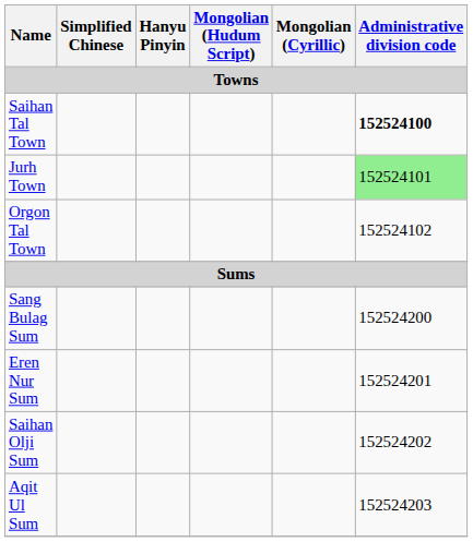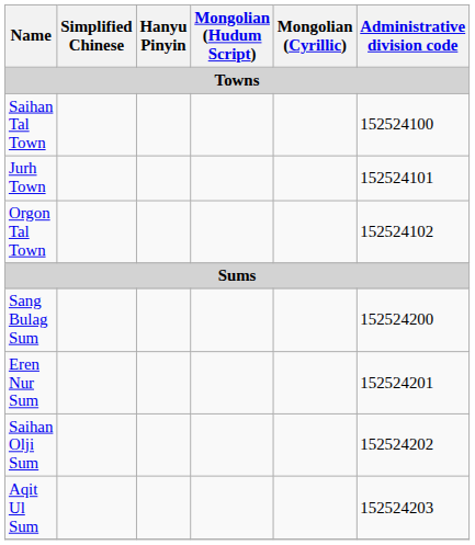 <table class="wikitable" align="center" style="width:50%; border="1">
 <tr>
 <th>Name</th>
 <th>Simplified Chinese</th>
 <th>Hanyu Pinyin</th>
 <th><a href='#'>Mongolian</a> (<a href='#'>Hudum Script</a>)</th>
 <th>Mongolian (<a href='#'>Cyrillic</a>)</th>
 <th><a href='#'>Administrative division code</a></th>
 </tr>
 <tr>
 <td colspan="6"  style="text-align:center; background:#d3d3d3;"><strong>Towns</strong></td>
 </tr>
 <tr --------->
 <td><a href='#'>Saihan Tal Town</a></td>
 <td></td>
 <td></td>
 <td></td>
 <td></td>
-<td><strong>152524100</strong></td>
+<td>152524100</td>
 </tr>
 <tr>
 <td><a href='#'>Jurh Town</a></td>
 <td></td>
 <td></td>
 <td></td>
 <td></td>
-<td style="background: lightgreen;">152524101</td>
+<td>152524101</td>
 </tr>
 <tr>
 <td><a href='#'>Orgon Tal Town</a></td>
 <td></td>
 <td></td>
 <td></td>
 <td></td>
 <td>152524102</td>
 </tr>
 <tr>
 <td colspan="6"  style="text-align:center; background:#d3d3d3;"><strong>Sums</strong></td>
 </tr>
 <tr --------->
 <td><a href='#'>Sang Bulag Sum</a></td>
 <td></td>
 <td></td>
 <td></td>
 <td></td>
 <td>152524200</td>
 </tr>
 <tr>
 <td><a href='#'>Eren Nur Sum</a></td>
 <td></td>
 <td></td>
 <td></td>
 <td></td>
 <td>152524201</td>
 </tr>
 <tr>
 <td><a href='#'>Saihan Olji Sum</a></td>
 <td></td>
 <td></td>
 <td></td>
 <td></td>
 <td>152524202</td>
 </tr>
 <tr>
 <td><a href='#'>Aqit Ul Sum</a></td>
 <td></td>
 <td></td>
 <td></td>
 <td></td>
 <td>152524203</td>
 </tr>
 <tr>
 </tr>
 </table>
